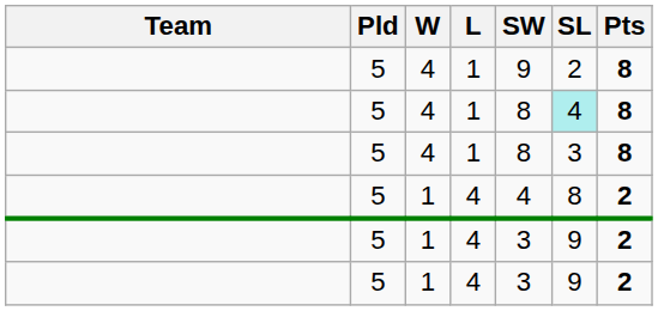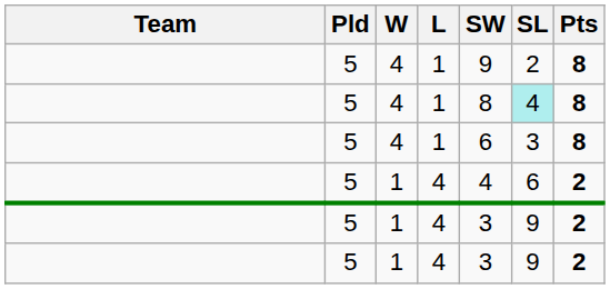 <table class=wikitable style="text-align:center">
 <tr>
 <th width=200>Team</th>
 <th width=20>Pld</th>
 <th width=20>W</th>
 <th width=20>L</th>
 <th width=20>SW</th>
 <th width=20>SL</th>
 <th width=20>Pts</th>
 </tr>
 <tr>
 <td align=left></td>
 <td>5</td>
 <td>4</td>
 <td>1</td>
 <td>9</td>
 <td>2</td>
 <td><strong>8</strong></td>
 </tr>
 <tr>
 <td align=left></td>
 <td>5</td>
 <td>4</td>
 <td>1</td>
 <td>8</td>
 <td style="background: paleturquoise;">4</td>
 <td><strong>8</strong></td>
 </tr>
 <tr>
 <td align=left></td>
 <td>5</td>
 <td>4</td>
 <td>1</td>
-<td>8</td>
+<td>6</td>
 <td>3</td>
 <td><strong>8</strong></td>
 </tr>
 <tr>
 <td align=left></td>
 <td>5</td>
 <td>1</td>
 <td>4</td>
 <td>4</td>
-<td>8</td>
+<td>6</td>
 <td><strong>2</strong></td>
 </tr>
 <tr style="border-top:3px solid green;">
 <td align=left></td>
 <td>5</td>
 <td>1</td>
 <td>4</td>
 <td>3</td>
 <td>9</td>
 <td><strong>2</strong></td>
 </tr>
 <tr>
 <td align=left></td>
 <td>5</td>
 <td>1</td>
 <td>4</td>
 <td>3</td>
 <td>9</td>
 <td><strong>2</strong></td>
 </tr>
 </table>
